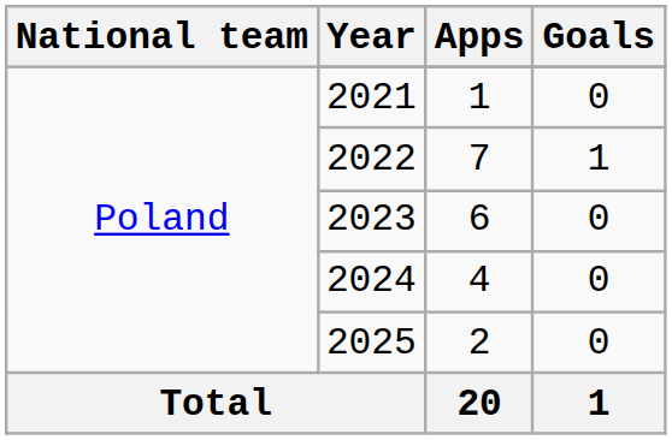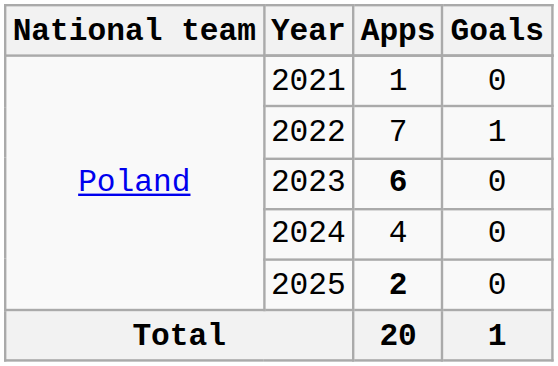 <table class="wikitable" style="text-align: center;">
 <tr>
 <th>National team</th>
 <th>Year</th>
 <th>Apps</th>
 <th>Goals</th>
 </tr>
 <tr>
 <td rowspan="6"><a href='#'>Poland</a></td>
 </tr>
 <tr>
 <td>2021</td>
 <td>1</td>
 <td>0</td>
 </tr>
 <tr>
 <td>2022</td>
 <td>7</td>
 <td>1</td>
 </tr>
 <tr>
 <td>2023</td>
-<td>6</td>
+<td><strong>6</strong></td>
 <td>0</td>
 </tr>
 <tr>
 <td>2024</td>
 <td>4</td>
 <td>0</td>
 </tr>
 <tr>
 <td>2025</td>
-<td>2</td>
+<td><strong>2</strong></td>
 <td>0</td>
 </tr>
 <tr>
 <th colspan="2">Total</th>
 <th>20</th>
 <th>1</th>
 </tr>
 </table>
